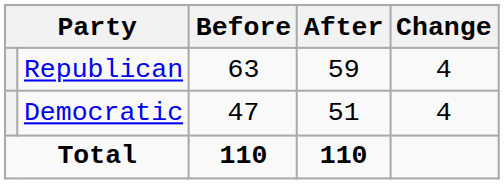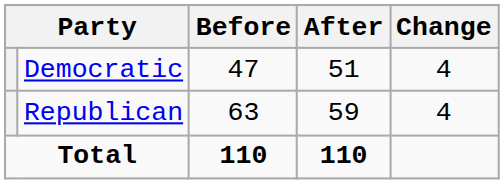 <table class="wikitable" style="text-align:center;">
 <tr>
 </tr>
 <tr>
 <th colspan=2>Party</th>
 <th>Before</th>
 <th>After</th>
 <th>Change</th>
 </tr>
 <tr>
 <th style="background-color:"></th>
-<td style="text-align:left;"><a href='#'>Republican</a></td>
-<td>63</td>
-<td>59</td>
+<td style="text-align:left;"><a href='#'>Democratic</a></td>
+<td>47</td>
+<td>51</td>
 <td> 4</td>
 </tr>
 <tr>
 <th style="background-color:"></th>
-<td style="text-align:left;"><a href='#'>Democratic</a></td>
-<td>47</td>
-<td>51</td>
+<td style="text-align:left;"><a href='#'>Republican</a></td>
+<td>63</td>
+<td>59</td>
 <td> 4</td>
 </tr>
 <tr>
 <td colspan=2><strong>Total</strong></td>
 <td><strong>110</strong></td>
 <td><strong>110</strong></td>
 <td></td>
 </tr>
 </table>
